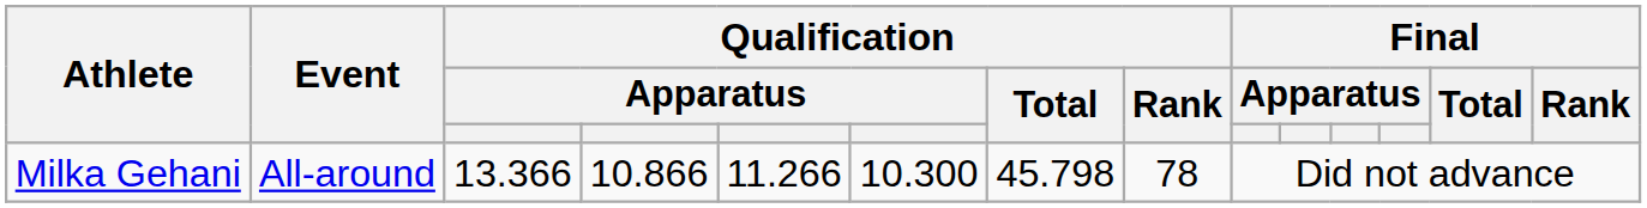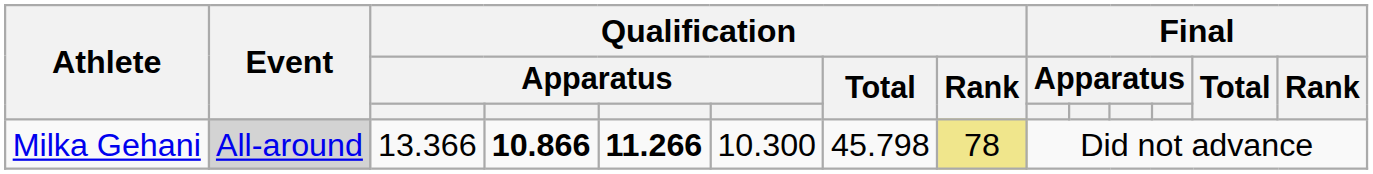 <table class="wikitable" style="font-size:90%">
 <tr>
 <th rowspan=3>Athlete</th>
 <th rowspan=3>Event</th>
 <th colspan=6>Qualification</th>
 <th colspan=6>Final</th>
 </tr>
 <tr style="font-size:95%">
 <th colspan=4>Apparatus</th>
 <th rowspan=2>Total</th>
 <th rowspan=2>Rank</th>
 <th colspan=4>Apparatus</th>
 <th rowspan=2>Total</th>
 <th rowspan=2>Rank</th>
 </tr>
 <tr style="font-size:95%">
 <th></th>
 <th></th>
 <th></th>
 <th></th>
 <th></th>
 <th></th>
 <th></th>
 <th></th>
 </tr>
 <tr align=center>
 <td align=left><a href='#'>Milka Gehani</a></td>
-<td align=left><a href='#'>All-around</a></td>
+<td align=left style="background: lightgrey;"><a href='#'>All-around</a></td>
 <td>13.366</td>
-<td>10.866</td>
-<td>11.266</td>
+<td><strong>10.866</strong></td>
+<td><strong>11.266</strong></td>
 <td>10.300</td>
 <td>45.798</td>
-<td>78</td>
+<td style="background: khaki;">78</td>
 <td colspan=6>Did not advance</td>
 </tr>
 </table>
